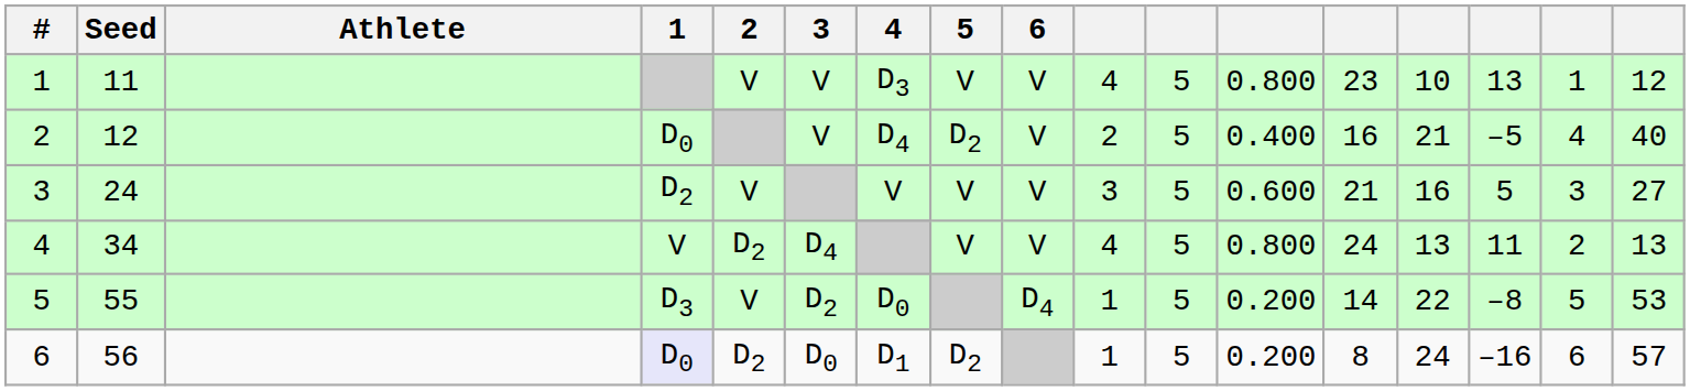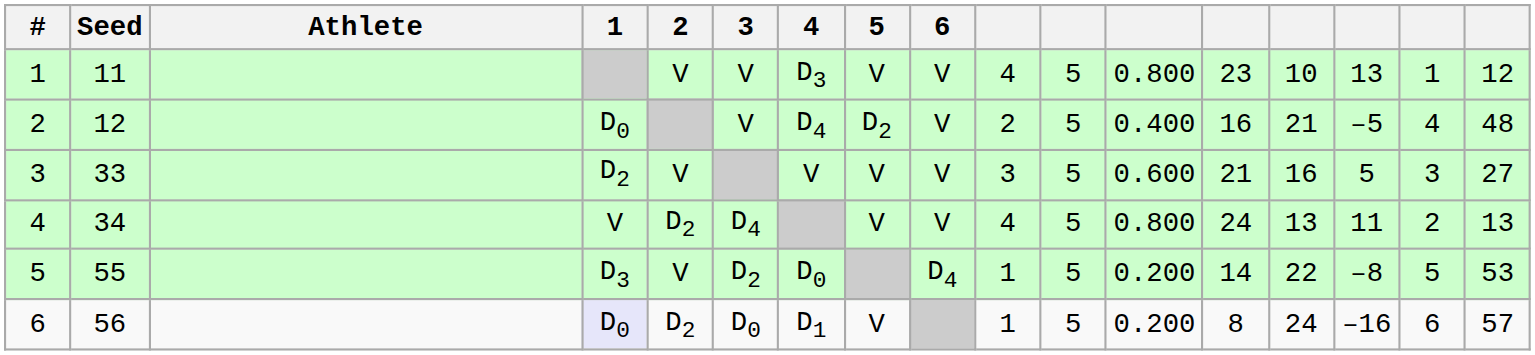 <table class="wikitable" style="text-align:center">
 <tr>
 <th width="25">#</th>
 <th width="25">Seed</th>
 <th width="200">Athlete</th>
 <th width="25">1</th>
 <th width="25">2</th>
 <th width="25">3</th>
 <th width="25">4</th>
 <th width="25">5</th>
 <th width="25">6</th>
 <th width="25"></th>
 <th width="25"></th>
 <th width="40"></th>
 <th width="25"></th>
 <th width="25"></th>
 <th width="25"></th>
 <th width="25"></th>
 <th width="25"></th>
 </tr>
 <tr bgcolor="#ccffcc">
 <td>1</td>
 <td>11</td>
 <td align=left></td>
 <td bgcolor="#cccccc"></td>
 <td>V</td>
 <td>V</td>
 <td>D<sub>3</sub></td>
 <td>V</td>
 <td>V</td>
 <td>4</td>
 <td>5</td>
 <td>0.800</td>
 <td>23</td>
 <td>10</td>
 <td>13</td>
 <td>1</td>
 <td>12</td>
 </tr>
 <tr bgcolor="#ccffcc">
 <td>2</td>
 <td>12</td>
 <td align=left></td>
 <td>D<sub>0</sub></td>
 <td bgcolor="#cccccc"></td>
 <td>V</td>
 <td>D<sub>4</sub></td>
 <td>D<sub>2</sub></td>
 <td>V</td>
 <td>2</td>
 <td>5</td>
 <td>0.400</td>
 <td>16</td>
 <td>21</td>
 <td>–5</td>
 <td>4</td>
-<td>40</td>
+<td>48</td>
 </tr>
 <tr bgcolor="#ccffcc">
 <td>3</td>
-<td>24</td>
+<td>33</td>
 <td align=left></td>
 <td>D<sub>2</sub></td>
 <td>V</td>
 <td bgcolor="#cccccc"></td>
 <td>V</td>
 <td>V</td>
 <td>V</td>
 <td>3</td>
 <td>5</td>
 <td>0.600</td>
 <td>21</td>
 <td>16</td>
 <td>5</td>
 <td>3</td>
 <td>27</td>
 </tr>
 <tr bgcolor="#ccffcc">
 <td>4</td>
 <td>34</td>
 <td align=left></td>
 <td>V</td>
 <td>D<sub>2</sub></td>
 <td>D<sub>4</sub></td>
 <td bgcolor="#cccccc"></td>
 <td>V</td>
 <td>V</td>
 <td>4</td>
 <td>5</td>
 <td>0.800</td>
 <td>24</td>
 <td>13</td>
 <td>11</td>
 <td>2</td>
 <td>13</td>
 </tr>
 <tr bgcolor="#ccffcc">
 <td>5</td>
 <td>55</td>
 <td align=left></td>
 <td>D<sub>3</sub></td>
 <td>V</td>
 <td>D<sub>2</sub></td>
 <td>D<sub>0</sub></td>
 <td bgcolor="#cccccc"></td>
 <td>D<sub>4</sub></td>
 <td>1</td>
 <td>5</td>
 <td>0.200</td>
 <td>14</td>
 <td>22</td>
 <td>–8</td>
 <td>5</td>
 <td>53</td>
 </tr>
 <tr>
 <td>6</td>
 <td>56</td>
 <td align=left></td>
 <td style="background: lavender;">D<sub>0</sub></td>
 <td>D<sub>2</sub></td>
 <td>D<sub>0</sub></td>
 <td>D<sub>1</sub></td>
-<td>D<sub>2</sub></td>
+<td>V</td>
 <td bgcolor="#cccccc"></td>
 <td>1</td>
 <td>5</td>
 <td>0.200</td>
 <td>8</td>
 <td>24</td>
 <td>–16</td>
 <td>6</td>
 <td>57</td>
 </tr>
 </table>
